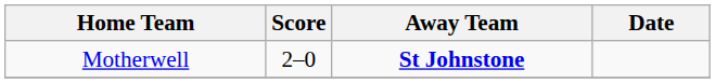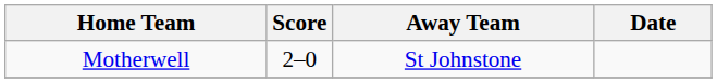 <table class="wikitable" style="text-align:center;">
 <tr>
 <th width=175>Home Team</th>
 <th width=20>Score</th>
 <th width=175>Away Team</th>
 <th width= 75>Date</th>
 </tr>
 <tr>
 <td><a href='#'>Motherwell</a></td>
 <td>2–0</td>
-<td><strong><a href='#'>St Johnstone</a></strong></td>
+<td><a href='#'>St Johnstone</a></td>
 <td></td>
 </tr>
 <tr>
 </tr>
 </table>
